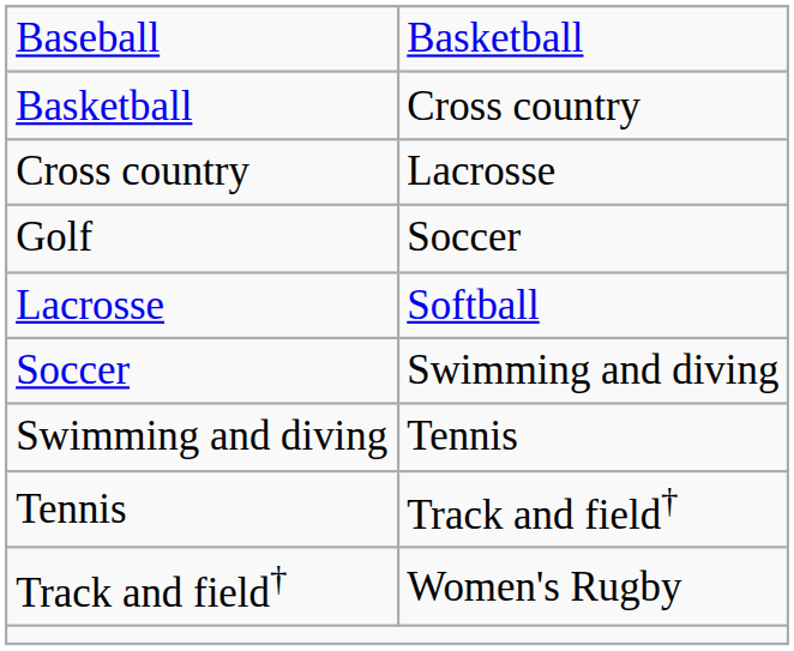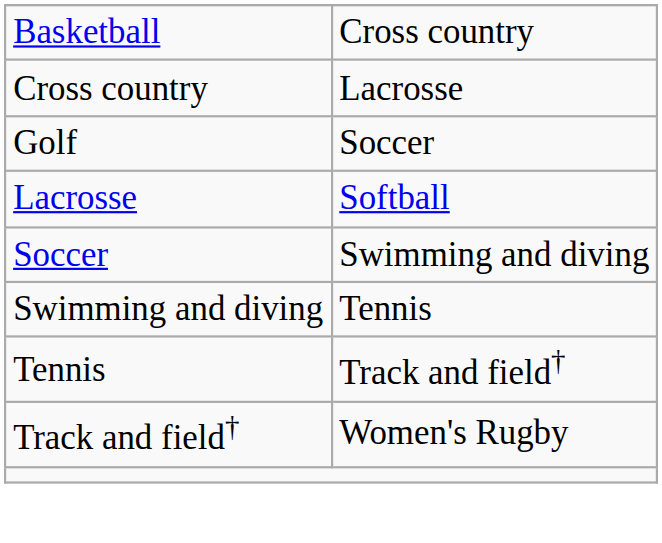 <table class="wikitable" style=" ">
 <tr>
-</tr>
-<tr>
-<td><a href='#'>Baseball</a></td>
-<td><a href='#'>Basketball</a></td>
 </tr>
 <tr>
 <td><a href='#'>Basketball</a></td>
 <td>Cross country</td>
 </tr>
 <tr>
 <td>Cross country</td>
 <td>Lacrosse</td>
 </tr>
 <tr>
 <td>Golf</td>
 <td>Soccer</td>
 </tr>
 <tr>
 <td><a href='#'>Lacrosse</a></td>
 <td><a href='#'>Softball</a></td>
 </tr>
 <tr>
 <td><a href='#'>Soccer</a></td>
 <td>Swimming and diving</td>
 </tr>
 <tr>
 <td>Swimming and diving</td>
 <td>Tennis</td>
 </tr>
 <tr>
 <td>Tennis</td>
 <td>Track and field<sup>†</sup></td>
 </tr>
 <tr>
 <td>Track and field<sup>†</sup></td>
 <td>Women's Rugby</td>
 </tr>
 <tr>
 <td colspan="2"></td>
 </tr>
 </table>
